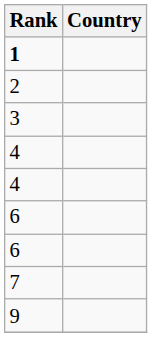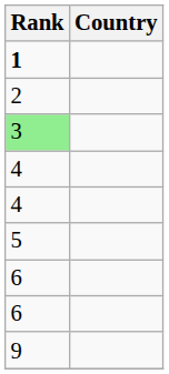 <table class="wikitable">
 <tr>
 <th>Rank</th>
 <th>Country</th>
 </tr>
 <tr>
 <td><strong>1</strong></td>
 <td></td>
 </tr>
 <tr>
 <td>2</td>
 <td></td>
 </tr>
 <tr>
-<td>3</td>
+<td style="background: lightgreen;">3</td>
 <td></td>
 </tr>
 <tr>
 <td>4</td>
 <td></td>
 </tr>
 <tr>
 <td>4</td>
 <td></td>
 </tr>
 <tr>
-<td>6</td>
+<td>5</td>
 <td></td>
 </tr>
 <tr>
 <td>6</td>
 <td></td>
 </tr>
 <tr>
-<td>7</td>
+<td>6</td>
 <td></td>
 </tr>
 <tr>
 <td>9</td>
 <td></td>
 </tr>
 <tr>
 </tr>
 </table>
